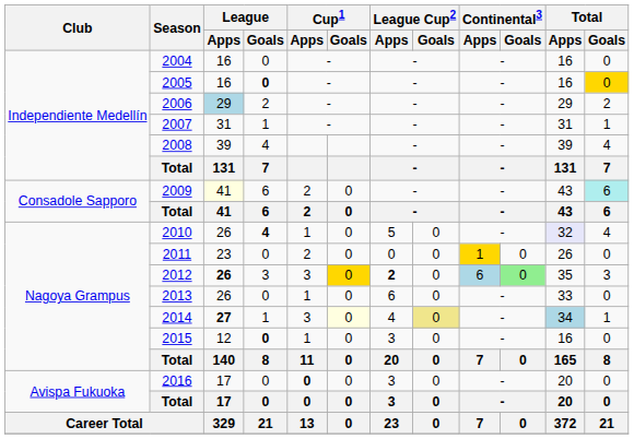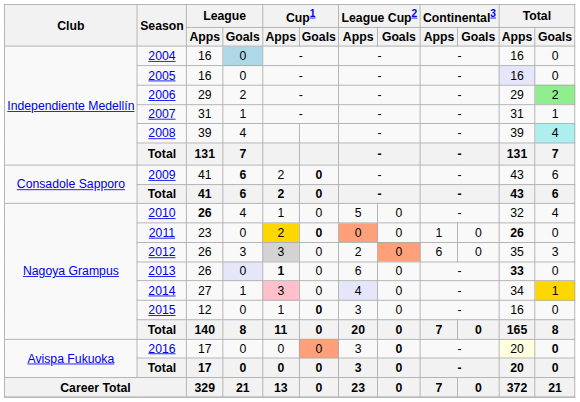 <table class="wikitable" style="font-size:90%; text-align:center;">
 <tr>
 <th rowspan="2">Club</th>
 <th rowspan="2">Season</th>
 <th colspan="2">League</th>
 <th colspan="2">Cup<sup><a href='#'>1</a></sup></th>
 <th colspan="2">League Cup<sup><a href='#'>2</a></sup></th>
 <th colspan="2">Continental<sup><a href='#'>3</a></sup></th>
 <th colspan="2">Total</th>
 </tr>
 <tr>
 <th>Apps</th>
 <th>Goals</th>
 <th>Apps</th>
 <th>Goals</th>
 <th>Apps</th>
 <th>Goals</th>
 <th>Apps</th>
 <th>Goals</th>
 <th>Apps</th>
 <th>Goals</th>
 </tr>
 <tr>
 <td rowspan="6"><a href='#'>Independiente Medellín</a></td>
 <td><a href='#'>2004</a></td>
 <td>16</td>
-<td>0</td>
+<td style="background: lightblue;">0</td>
 <td colspan="2">-</td>
 <td colspan="2">-</td>
 <td colspan="2">-</td>
 <td>16</td>
 <td>0</td>
 </tr>
 <tr>
 <td><a href='#'>2005</a></td>
 <td>16</td>
-<td><strong>0</strong></td>
+<td>0</td>
 <td colspan="2">-</td>
 <td colspan="2">-</td>
 <td colspan="2">-</td>
-<td>16</td>
-<td style="background: gold;">0</td>
+<td style="background: lavender;">16</td>
+<td>0</td>
 </tr>
 <tr>
 <td><a href='#'>2006</a></td>
-<td style="background: lightblue;">29</td>
+<td>29</td>
 <td>2</td>
 <td colspan="2">-</td>
 <td colspan="2">-</td>
 <td colspan="2">-</td>
 <td>29</td>
-<td>2</td>
+<td style="background: lightgreen;">2</td>
 </tr>
 <tr>
 <td><a href='#'>2007</a></td>
 <td>31</td>
 <td>1</td>
 <td colspan="2">-</td>
 <td colspan="2">-</td>
 <td colspan="2">-</td>
 <td>31</td>
 <td>1</td>
 </tr>
 <tr>
 <td><a href='#'>2008</a></td>
 <td>39</td>
 <td>4</td>
 <td></td>
 <td></td>
 <td colspan="2">-</td>
 <td colspan="2">-</td>
 <td>39</td>
-<td>4</td>
+<td style="background: paleturquoise;">4</td>
 </tr>
 <tr>
 <th colspan="1">Total</th>
 <th>131</th>
 <th>7</th>
 <th>　</th>
 <th></th>
 <th colspan="2">-</th>
 <th colspan="2">-</th>
 <th>131</th>
 <th>7</th>
 </tr>
 <tr>
 <td rowspan="2"><a href='#'>Consadole Sapporo</a></td>
 <td><a href='#'>2009</a></td>
-<td style="background: lightyellow;">41</td>
-<td>6</td>
+<td>41</td>
+<td><strong>6</strong></td>
 <td>2</td>
-<td>0</td>
+<td><strong>0</strong></td>
 <td colspan="2">-</td>
 <td colspan="2">-</td>
 <td>43</td>
-<td style="background: paleturquoise;">6</td>
+<td>6</td>
 </tr>
 <tr>
 <th colspan="1">Total</th>
 <th>41</th>
 <th>6</th>
 <th>2</th>
 <th>0</th>
 <th colspan="2">-</th>
 <th colspan="2">-</th>
 <th>43</th>
 <th>6</th>
 </tr>
 <tr>
 <td rowspan="7"><a href='#'>Nagoya Grampus</a></td>
 <td><a href='#'>2010</a></td>
-<td>26</td>
-<td><strong>4</strong></td>
+<td><strong>26</strong></td>
+<td>4</td>
 <td>1</td>
 <td>0</td>
 <td>5</td>
 <td>0</td>
 <td colspan="2">-</td>
-<td style="background: lavender;">32</td>
+<td>32</td>
 <td>4</td>
 </tr>
 <tr>
 <td><a href='#'>2011</a></td>
 <td>23</td>
 <td>0</td>
-<td>2</td>
+<td style="background: gold;">2</td>
+<td><strong>0</strong></td>
+<td style="background: lightsalmon;">0</td>
 <td>0</td>
+<td>1</td>
 <td>0</td>
-<td>0</td>
-<td style="background: gold;">1</td>
-<td>0</td>
-<td>26</td>
+<td><strong>26</strong></td>
 <td>0</td>
 </tr>
 <tr>
 <td><a href='#'>2012</a></td>
-<td><strong>26</strong></td>
+<td>26</td>
 <td>3</td>
-<td>3</td>
-<td style="background: gold;">0</td>
-<td><strong>2</strong></td>
+<td style="background: lightgrey;">3</td>
 <td>0</td>
-<td style="background: lightblue;">6</td>
-<td style="background: lightgreen;">0</td>
+<td>2</td>
+<td style="background: lightsalmon;">0</td>
+<td>6</td>
+<td>0</td>
 <td>35</td>
 <td>3</td>
 </tr>
 <tr>
 <td><a href='#'>2013</a></td>
 <td>26</td>
-<td>0</td>
-<td>1</td>
+<td style="background: lavender;">0</td>
+<td><strong>1</strong></td>
 <td>0</td>
 <td>6</td>
 <td>0</td>
 <td colspan="2">-</td>
-<td>33</td>
+<td><strong>33</strong></td>
 <td>0</td>
 </tr>
 <tr>
 <td><a href='#'>2014</a></td>
-<td><strong>27</strong></td>
+<td>27</td>
 <td>1</td>
-<td>3</td>
-<td style="background: lightyellow;">0</td>
-<td>4</td>
-<td style="background: khaki;">0</td>
+<td style="background: pink;">3</td>
+<td>0</td>
+<td style="background: lavender;">4</td>
+<td>0</td>
 <td colspan="2">-</td>
-<td style="background: lightblue;">34</td>
-<td>1</td>
+<td>34</td>
+<td style="background: gold;">1</td>
 </tr>
 <tr>
 <td><a href='#'>2015</a></td>
 <td>12</td>
+<td>0</td>
+<td>1</td>
 <td><strong>0</strong></td>
-<td>1</td>
-<td>0</td>
 <td>3</td>
 <td>0</td>
 <td colspan="2">-</td>
 <td>16</td>
 <td>0</td>
 </tr>
 <tr>
 <th colspan="1">Total</th>
 <th>140</th>
 <th>8</th>
 <th>11</th>
 <th>0</th>
 <th>20</th>
 <th>0</th>
 <th>7</th>
 <th>0</th>
 <th>165</th>
 <th>8</th>
 </tr>
 <tr>
 <td rowspan="2"><a href='#'>Avispa Fukuoka</a></td>
 <td><a href='#'>2016</a></td>
 <td>17</td>
 <td>0</td>
+<td>0</td>
+<td style="background: lightsalmon;">0</td>
+<td>3</td>
 <td><strong>0</strong></td>
-<td>0</td>
-<td>3</td>
-<td>0</td>
 <td colspan="2">-</td>
-<td>20</td>
-<td>0</td>
+<td style="background: lightyellow;">20</td>
+<td><strong>0</strong></td>
 </tr>
 <tr>
 <th colspan="1">Total</th>
 <th>17</th>
 <th>0</th>
 <th>0</th>
 <th>0</th>
 <th>3</th>
 <th>0</th>
 <th colspan="2">-</th>
 <th>20</th>
 <th>0</th>
 </tr>
 <tr>
 <th colspan="2">Career Total</th>
 <th>329</th>
 <th>21</th>
 <th>13</th>
 <th>0</th>
 <th>23</th>
 <th>0</th>
 <th>7</th>
 <th>0</th>
 <th>372</th>
 <th>21</th>
 </tr>
 <tr>
 </tr>
 </table>
